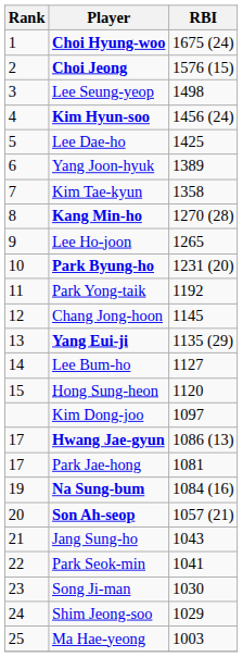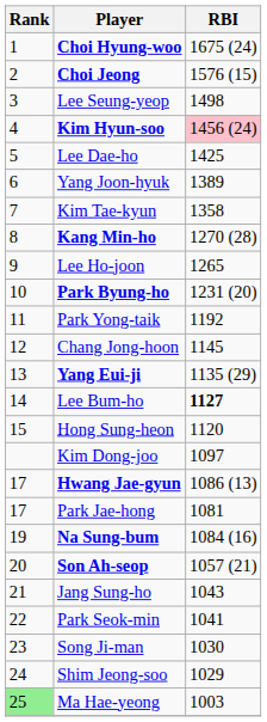 <table class="wikitable" style="float:left;">
 <tr>
 <th>Rank</th>
 <th>Player</th>
 <th>RBI</th>
 </tr>
 <tr>
 <td>1</td>
 <td><strong><a href='#'>Choi Hyung-woo</a></strong></td>
 <td>1675 (24)</td>
 </tr>
 <tr>
 <td>2</td>
 <td><strong><a href='#'>Choi Jeong</a></strong></td>
 <td>1576 (15)</td>
 </tr>
 <tr>
 <td>3</td>
 <td><a href='#'>Lee Seung-yeop</a></td>
 <td>1498</td>
 </tr>
 <tr>
 <td>4</td>
 <td><strong><a href='#'>Kim Hyun-soo</a></strong></td>
-<td>1456 (24)</td>
+<td style="background: pink;">1456 (24)</td>
 </tr>
 <tr>
 <td>5</td>
 <td><a href='#'>Lee Dae-ho</a></td>
 <td>1425</td>
 </tr>
 <tr>
 <td>6</td>
 <td><a href='#'>Yang Joon-hyuk</a></td>
 <td>1389</td>
 </tr>
 <tr>
 <td>7</td>
 <td><a href='#'>Kim Tae-kyun</a></td>
 <td>1358</td>
 </tr>
 <tr>
 <td>8</td>
 <td><strong><a href='#'>Kang Min-ho</a></strong></td>
 <td>1270 (28)</td>
 </tr>
 <tr>
 <td>9</td>
 <td><a href='#'>Lee Ho-joon</a></td>
 <td>1265</td>
 </tr>
 <tr>
 <td>10</td>
 <td><strong><a href='#'>Park Byung-ho</a></strong></td>
 <td>1231 (20)</td>
 </tr>
 <tr>
 <td>11</td>
 <td><a href='#'>Park Yong-taik</a></td>
 <td>1192</td>
 </tr>
 <tr>
 <td>12</td>
 <td><a href='#'>Chang Jong-hoon</a></td>
 <td>1145</td>
 </tr>
 <tr>
 <td>13</td>
 <td><strong><a href='#'>Yang Eui-ji</a></strong></td>
 <td>1135 (29)</td>
 </tr>
 <tr>
 <td>14</td>
 <td><a href='#'>Lee Bum-ho</a></td>
-<td>1127</td>
+<td><strong>1127</strong></td>
 </tr>
 <tr>
 <td>15</td>
 <td><a href='#'>Hong Sung-heon</a></td>
 <td>1120</td>
 </tr>
 <tr>
 <td></td>
 <td><a href='#'>Kim Dong-joo</a></td>
 <td>1097</td>
 </tr>
 <tr>
 <td>17</td>
 <td><strong><a href='#'>Hwang Jae-gyun</a></strong></td>
 <td>1086 (13)</td>
 </tr>
 <tr>
 <td>17</td>
 <td><a href='#'>Park Jae-hong</a></td>
 <td>1081</td>
 </tr>
 <tr>
 <td>19</td>
 <td><strong><a href='#'>Na Sung-bum</a></strong></td>
 <td>1084 (16)</td>
 </tr>
 <tr>
 <td>20</td>
 <td><strong><a href='#'>Son Ah-seop</a></strong></td>
 <td>1057 (21)</td>
 </tr>
 <tr>
 <td>21</td>
 <td><a href='#'>Jang Sung-ho</a></td>
 <td>1043</td>
 </tr>
 <tr>
 <td>22</td>
 <td><a href='#'>Park Seok-min</a></td>
 <td>1041</td>
 </tr>
 <tr>
 <td>23</td>
 <td><a href='#'>Song Ji-man</a></td>
 <td>1030</td>
 </tr>
 <tr>
 <td>24</td>
 <td><a href='#'>Shim Jeong-soo</a></td>
 <td>1029</td>
 </tr>
 <tr>
-<td>25</td>
+<td style="background: lightgreen;">25</td>
 <td><a href='#'>Ma Hae-yeong</a></td>
 <td>1003</td>
 </tr>
 <tr>
 </tr>
 </table>
